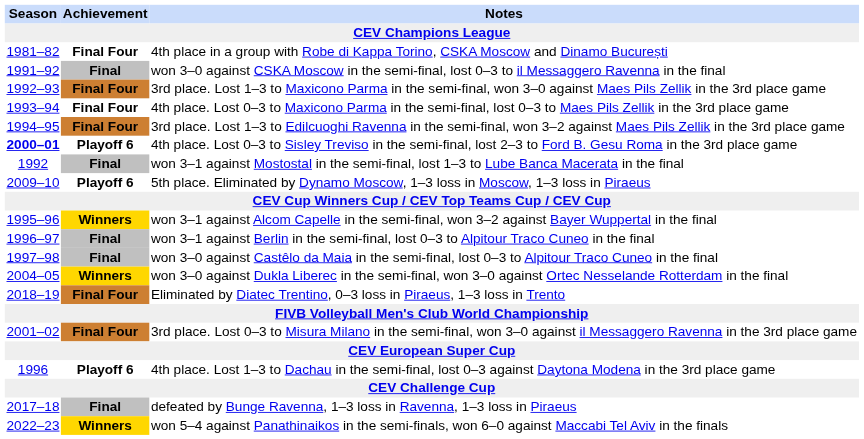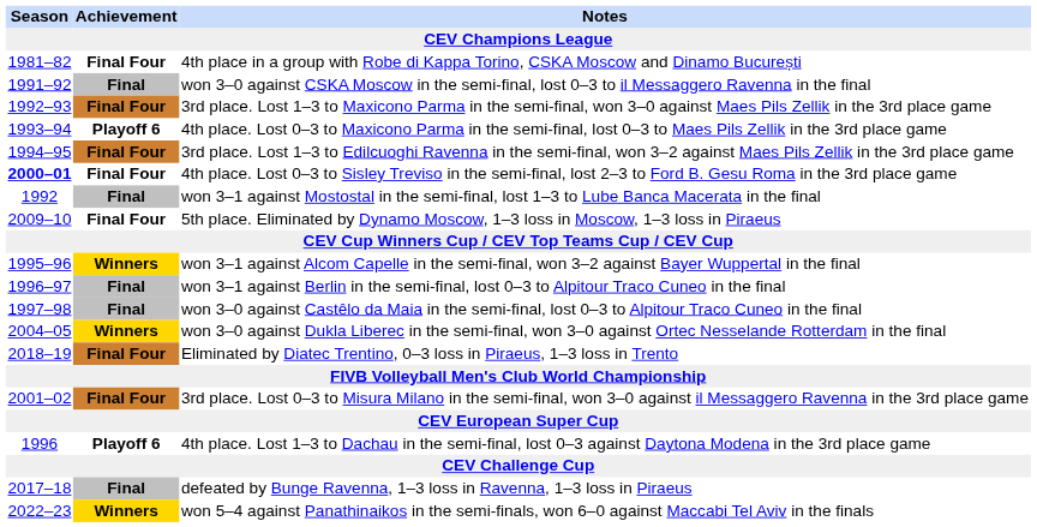 <table class="toccolours" border="0" cellpadding="2" cellspacing="0" align="left" style="margin:0.5em;">
 <tr bgcolor=#CADCFB>
 <th>Season</th>
 <th>Achievement</th>
 <th>Notes</th>
 </tr>
 <tr>
 <th colspan="4" bgcolor=#EFEFEF><strong><a href='#'>CEV Champions League</a></strong></th>
 </tr>
 <tr>
 <td align="center"><a href='#'>1981–82</a></td>
 <td align="center"><strong>Final Four</strong></td>
 <td align="left">4th place in a group with <a href='#'>Robe di Kappa Torino</a>, <a href='#'>CSKA Moscow</a> and <a href='#'>Dinamo București</a></td>
 </tr>
 <tr>
 <td align="center"><a href='#'>1991–92</a></td>
 <td align="center" bgcolor= silver><strong>Final</strong></td>
 <td align="left">won 3–0 against <a href='#'>CSKA Moscow</a> in the semi-final, lost 0–3 to <a href='#'>il Messaggero Ravenna</a> in the final</td>
 </tr>
 <tr>
 <td align="center"><a href='#'>1992–93</a></td>
 <td align="center" bgcolor= #CD7F32><strong>Final Four</strong></td>
 <td align="left">3rd place. Lost 1–3 to <a href='#'>Maxicono Parma</a> in the semi-final, won 3–0 against <a href='#'>Maes Pils Zellik</a> in the 3rd place game</td>
 </tr>
 <tr>
 <td align="center"><a href='#'>1993–94</a></td>
-<td align="center"><strong>Final Four</strong></td>
+<td align="center"><strong>Playoff 6</strong></td>
 <td align="left">4th place. Lost 0–3 to <a href='#'>Maxicono Parma</a> in the semi-final, lost 0–3 to <a href='#'>Maes Pils Zellik</a> in the 3rd place game</td>
 </tr>
 <tr>
 <td align="center"><a href='#'>1994–95</a></td>
 <td align="center" bgcolor= #CD7F32><strong>Final Four</strong></td>
 <td align="left">3rd place. Lost 1–3 to <a href='#'>Edilcuoghi Ravenna</a> in the semi-final, won 3–2 against <a href='#'>Maes Pils Zellik</a> in the 3rd place game</td>
 </tr>
 <tr>
 <td align="center"><strong><a href='#'>2000–01</a></strong></td>
-<td align="center"><strong>Playoff 6</strong></td>
+<td align="center"><strong>Final Four</strong></td>
 <td align="left">4th place. Lost 0–3 to <a href='#'>Sisley Treviso</a> in the semi-final, lost 2–3 to <a href='#'>Ford B. Gesu Roma</a> in the 3rd place game</td>
 </tr>
 <tr>
 <td align="center"><a href='#'>1992</a></td>
 <td align="center" bgcolor= silver><strong>Final</strong></td>
 <td align="left">won 3–1 against <a href='#'>Mostostal</a> in the semi-final, lost 1–3 to <a href='#'>Lube Banca Macerata</a> in the final</td>
 </tr>
 <tr>
 <td align="center"><a href='#'>2009–10</a></td>
-<td align="center"><strong>Playoff 6</strong></td>
+<td align="center"><strong>Final Four</strong></td>
 <td align="left">5th place. Eliminated by <a href='#'>Dynamo Moscow</a>, 1–3 loss in <a href='#'>Moscow</a>, 1–3 loss in <a href='#'>Piraeus</a></td>
 </tr>
 <tr>
 <th colspan="4" bgcolor=#EFEFEF><strong><a href='#'>CEV Cup Winners Cup / CEV Top Teams Cup / CEV Cup</a></strong></th>
 </tr>
 <tr>
 <td align="center"><a href='#'>1995–96</a></td>
 <td align="center" bgcolor="gold"><strong>Winners</strong></td>
 <td align="left">won 3–1 against <a href='#'>Alcom Capelle</a> in the semi-final, won 3–2 against <a href='#'>Bayer Wuppertal</a> in the final</td>
 </tr>
 <tr>
 <td align="center"><a href='#'>1996–97</a></td>
 <td align="center" bgcolor= silver><strong>Final</strong></td>
 <td align="left">won 3–1 against <a href='#'>Berlin</a> in the semi-final, lost 0–3 to <a href='#'>Alpitour Traco Cuneo</a> in the final</td>
 </tr>
 <tr>
 <td align="center"><a href='#'>1997–98</a></td>
 <td align="center" bgcolor= silver><strong>Final</strong></td>
 <td align="left">won 3–0 against <a href='#'>Castêlo da Maia</a> in the semi-final, lost 0–3 to <a href='#'>Alpitour Traco Cuneo</a> in the final</td>
 </tr>
 <tr>
 <td align="center"><a href='#'>2004–05</a></td>
 <td align="center" bgcolor="gold"><strong>Winners</strong></td>
 <td align="left">won 3–0 against <a href='#'>Dukla Liberec</a> in the semi-final, won 3–0 against <a href='#'>Ortec Nesselande Rotterdam</a> in the final</td>
 </tr>
 <tr>
 <td align="center"><a href='#'>2018–19</a></td>
 <td align="center" bgcolor= #CD7F32><strong>Final Four</strong></td>
 <td align="left">Eliminated by <a href='#'>Diatec Trentino</a>, 0–3 loss in <a href='#'>Piraeus</a>, 1–3 loss in <a href='#'>Trento</a></td>
 </tr>
 <tr>
 <th colspan="4" bgcolor=#EFEFEF><strong><a href='#'>FIVB Volleyball Men's Club World Championship</a></strong></th>
 </tr>
 <tr>
 <td align="center"><a href='#'>2001–02</a></td>
 <td align="center" bgcolor= #CD7F32><strong>Final Four</strong></td>
 <td align="left">3rd place. Lost 0–3 to <a href='#'>Misura Milano</a> in the semi-final, won 3–0 against <a href='#'>il Messaggero Ravenna</a> in the 3rd place game</td>
 </tr>
 <tr>
 <th colspan="4" bgcolor=#EFEFEF><strong><a href='#'>CEV European Super Cup</a></strong></th>
 </tr>
 <tr>
 <td align="center"><a href='#'>1996</a></td>
 <td align="center"><strong>Playoff 6</strong></td>
 <td align="left">4th place. Lost 1–3 to <a href='#'>Dachau</a> in the semi-final, lost 0–3 against <a href='#'>Daytona Modena</a> in the 3rd place game</td>
 </tr>
 <tr>
 <th colspan="4" bgcolor=#EFEFEF><strong><a href='#'>CEV Challenge Cup</a></strong></th>
 </tr>
 <tr>
 <td align="center"><a href='#'>2017–18</a></td>
 <td align="center" bgcolor="silver"><strong>Final</strong></td>
 <td align="left">defeated by <a href='#'>Bunge Ravenna</a>, 1–3 loss in <a href='#'>Ravenna</a>, 1–3 loss in <a href='#'>Piraeus</a></td>
 </tr>
 <tr>
 <td align="center"><a href='#'>2022–23</a></td>
 <td align="center" bgcolor="gold"><strong>Winners</strong></td>
 <td align="left">won 5–4 against <a href='#'>Panathinaikos</a> in the semi-finals, won 6–0 against <a href='#'>Maccabi Tel Aviv</a> in the finals</td>
 </tr>
 <tr>
 </tr>
 </table>
